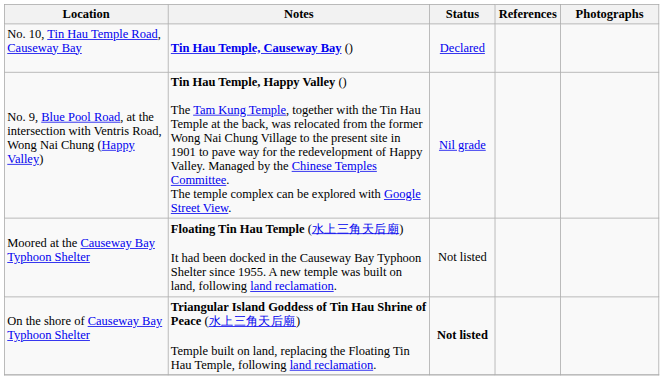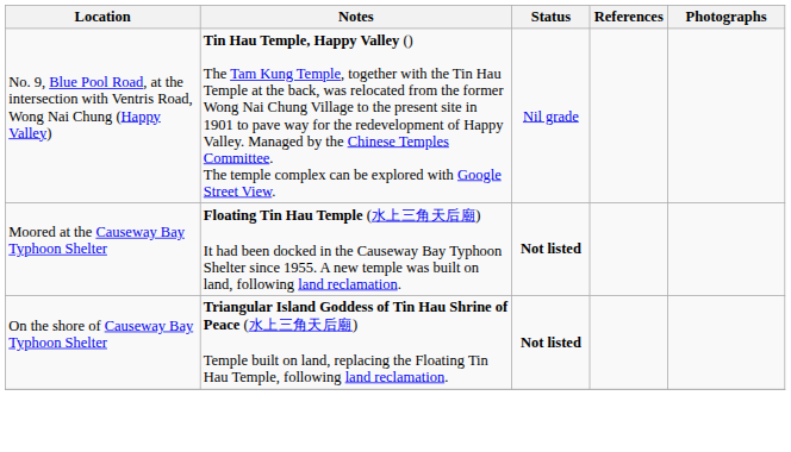 <table class="wikitable sortable" style="width:95%">
 <tr>
 <th width="25%">Location</th>
 <th width="40%">Notes</th>
 <th width="10%">Status</th>
 <th width="10%">References</th>
 <th width="15%">Photographs</th>
-</tr>
-<tr>
-<td>No. 10, <a href='#'>Tin Hau Temple Road</a>, <a href='#'>Causeway Bay</a><br><br></td>
-<td><strong><a href='#'>Tin Hau Temple, Causeway Bay</a></strong> ()</td>
-<td style="text-align:center"><a href='#'>Declared</a></td>
-<td>   </td>
-<td></td>
 </tr>
 <tr>
 <td>No. 9, <a href='#'>Blue Pool Road</a>, at the intersection with Ventris Road, Wong Nai Chung (<a href='#'>Happy Valley</a>)<br><br></td>
 <td><strong>Tin Hau Temple, Happy Valley</strong> ()<br><br>The <a href='#'>Tam Kung Temple</a>, together with the Tin Hau Temple at the back, was relocated from the former Wong Nai Chung Village to the present site in 1901 to pave way for the redevelopment of Happy Valley. Managed by the <a href='#'>Chinese Temples Committee</a>.<br> The temple complex can be explored with <a href='#'>Google Street View</a>.</td>
 <td style="text-align:center"><a href='#'>Nil grade</a></td>
 <td>  </td>
 <td></td>
 </tr>
 <tr>
 <td>Moored at the <a href='#'>Causeway Bay Typhoon Shelter</a><br><br></td>
 <td><strong>Floating Tin Hau Temple</strong> (<a href='#'>水上三角天后廟</a>)<br><br>It had been docked in the Causeway Bay Typhoon Shelter since 1955. A new temple was built on land, following <a href='#'>land reclamation</a>.</td>
-<td style="text-align:center">Not listed</td>
+<td style="text-align:center"><strong>Not listed</strong></td>
 <td> </td>
 <td></td>
 </tr>
 <tr>
 <td>On the shore of <a href='#'>Causeway Bay Typhoon Shelter</a><br><br></td>
 <td><strong>Triangular Island Goddess of Tin Hau Shrine of Peace</strong> (<a href='#'>水上三角天后廟</a>)<br><br>Temple built on land, replacing the Floating Tin Hau Temple, following <a href='#'>land reclamation</a>.</td>
 <td style="text-align:center"><strong>Not listed</strong></td>
 <td></td>
 <td></td>
 </tr>
 <tr>
 </tr>
 </table>
